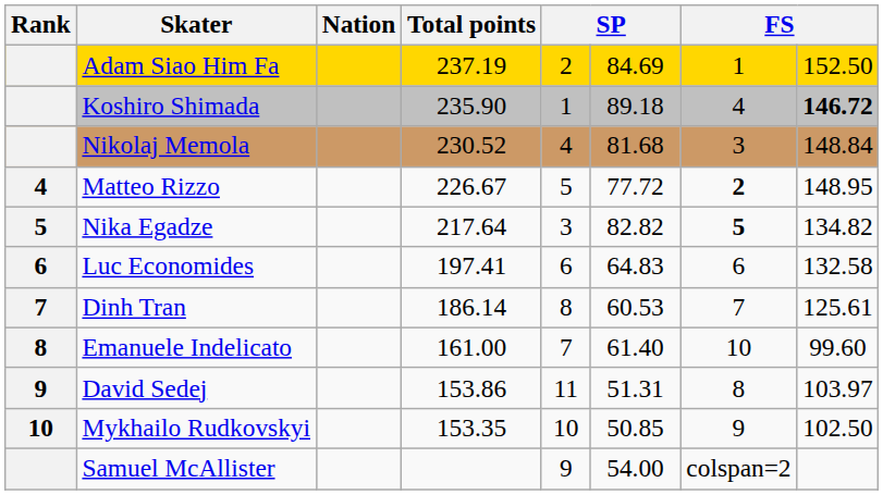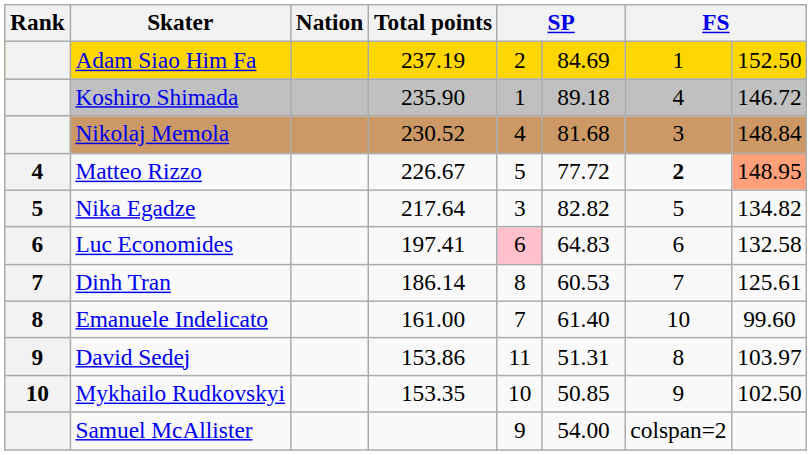 <table class="wikitable sortable" style="text-align:left">
 <tr>
 <th scope="col">Rank</th>
 <th scope="col">Skater</th>
 <th scope="col">Nation</th>
 <th scope="col">Total points</th>
 <th scope="col" colspan="2" width="80px"><a href='#'>SP</a></th>
 <th scope="col" colspan="2" width="80px"><a href='#'>FS</a></th>
 </tr>
 <tr bgcolor="gold">
 <th scope="row"></th>
 <td><a href='#'>Adam Siao Him Fa</a></td>
 <td></td>
 <td align="center">237.19</td>
 <td align="center">2</td>
 <td align="center">84.69</td>
 <td align="center">1</td>
 <td align="center">152.50</td>
 </tr>
 <tr bgcolor="silver">
 <th scope="row"></th>
 <td><a href='#'>Koshiro Shimada</a></td>
 <td></td>
 <td align="center">235.90</td>
 <td align="center">1</td>
 <td align="center">89.18</td>
 <td align="center">4</td>
-<td align="center"><strong>146.72</strong></td>
+<td align="center">146.72</td>
 </tr>
 <tr bgcolor="cc9966">
 <th scope="row"></th>
 <td><a href='#'>Nikolaj Memola</a></td>
 <td></td>
 <td align="center">230.52</td>
 <td align="center">4</td>
 <td align="center">81.68</td>
 <td align="center">3</td>
 <td align="center">148.84</td>
 </tr>
 <tr>
 <th scope="row">4</th>
 <td><a href='#'>Matteo Rizzo</a></td>
 <td></td>
 <td align="center">226.67</td>
 <td align="center">5</td>
 <td align="center">77.72</td>
 <td align="center"><strong>2</strong></td>
-<td align="center">148.95</td>
+<td align="center" style="background: lightsalmon;">148.95</td>
 </tr>
 <tr>
 <th scope="row">5</th>
 <td><a href='#'>Nika Egadze</a></td>
 <td></td>
 <td align="center">217.64</td>
 <td align="center">3</td>
 <td align="center">82.82</td>
-<td align="center"><strong>5</strong></td>
+<td align="center">5</td>
 <td align="center">134.82</td>
 </tr>
 <tr>
 <th scope="row">6</th>
 <td><a href='#'>Luc Economides</a></td>
 <td></td>
 <td align="center">197.41</td>
-<td align="center">6</td>
+<td align="center" style="background: pink;">6</td>
 <td align="center">64.83</td>
 <td align="center">6</td>
 <td align="center">132.58</td>
 </tr>
 <tr>
 <th scope="row">7</th>
 <td><a href='#'>Dinh Tran</a></td>
 <td></td>
 <td align="center">186.14</td>
 <td align="center">8</td>
 <td align="center">60.53</td>
 <td align="center">7</td>
 <td align="center">125.61</td>
 </tr>
 <tr>
 <th scope="row">8</th>
 <td><a href='#'>Emanuele Indelicato</a></td>
 <td></td>
 <td align="center">161.00</td>
 <td align="center">7</td>
 <td align="center">61.40</td>
 <td align="center">10</td>
 <td align="center">99.60</td>
 </tr>
 <tr>
 <th scope="row">9</th>
 <td><a href='#'>David Sedej</a></td>
 <td></td>
 <td align="center">153.86</td>
 <td align="center">11</td>
 <td align="center">51.31</td>
 <td align="center">8</td>
 <td align="center">103.97</td>
 </tr>
 <tr>
 <th scope="row">10</th>
 <td><a href='#'>Mykhailo Rudkovskyi</a></td>
 <td></td>
 <td align="center">153.35</td>
 <td align="center">10</td>
 <td align="center">50.85</td>
 <td align="center">9</td>
 <td align="center">102.50</td>
 </tr>
 <tr>
 <th scope="row"></th>
 <td><a href='#'>Samuel McAllister</a></td>
 <td></td>
 <td></td>
 <td align="center">9</td>
 <td align="center">54.00</td>
 <td>colspan=2 </td>
 </tr>
 </table>
